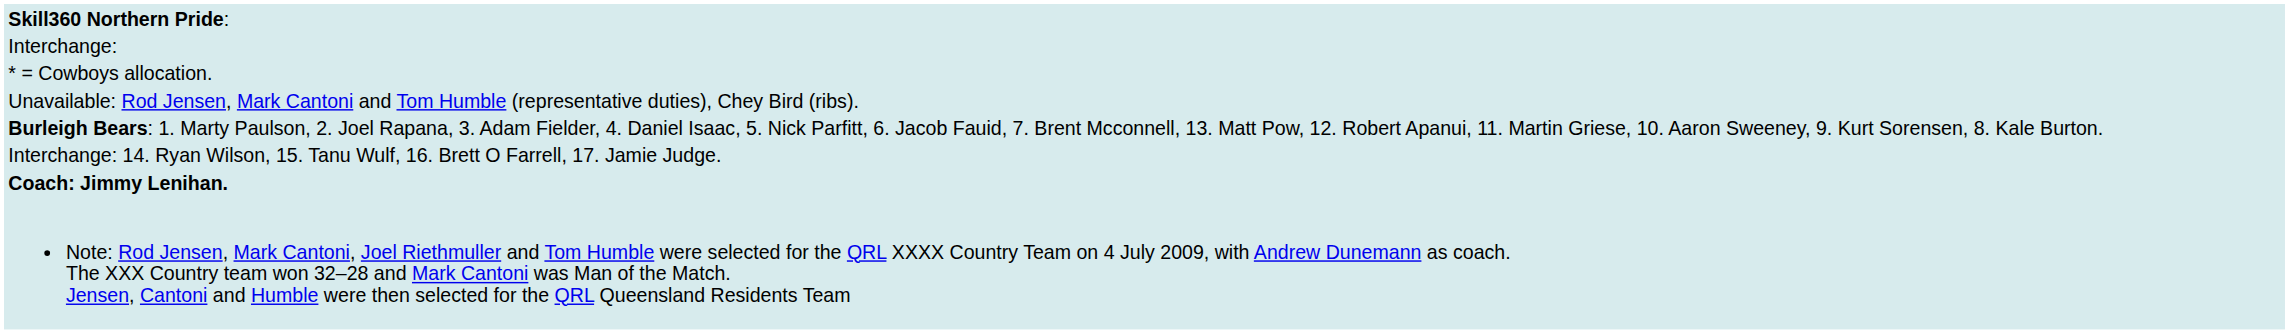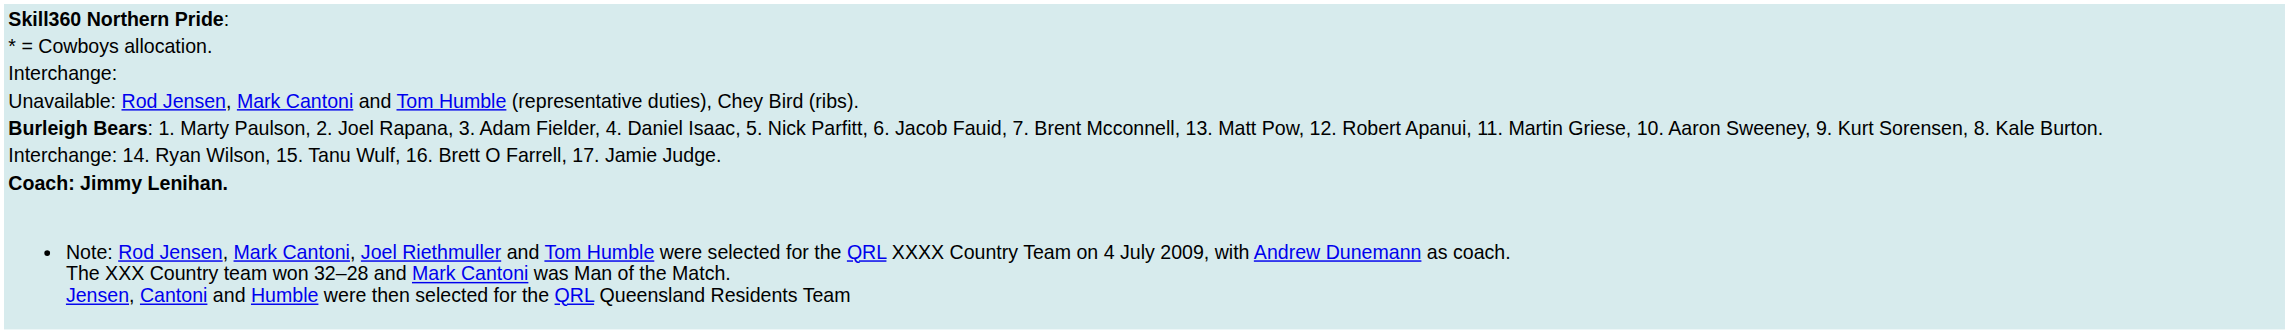 <table style="background:#d7ebed; font-size:85%; width:100%;">
 <tr>
 <td><strong>Skill360 Northern Pride</strong>:             </td>
 </tr>
 <tr>
-<td>Interchange:    </td>
+<td>* = Cowboys allocation.</td>
 </tr>
 <tr>
-<td>* = Cowboys allocation.</td>
+<td>Interchange:    </td>
 </tr>
 <tr>
 <td>Unavailable: <a href='#'>Rod Jensen</a>, <a href='#'>Mark Cantoni</a> and <a href='#'>Tom Humble</a> (representative duties), Chey Bird (ribs).</td>
 </tr>
 <tr>
 <td><strong>Burleigh Bears</strong>: 1. Marty Paulson, 2. Joel Rapana, 3. Adam Fielder, 4. Daniel Isaac, 5. Nick Parfitt, 6. Jacob Fauid, 7. Brent Mcconnell, 13. Matt Pow, 12. Robert Apanui, 11. Martin Griese, 10. Aaron Sweeney, 9. Kurt Sorensen, 8. Kale Burton.</td>
 </tr>
 <tr>
 <td>Interchange: 14. Ryan Wilson, 15. Tanu Wulf, 16. Brett O Farrell, 17. Jamie Judge.</td>
 </tr>
 <tr>
 <td><strong>Coach: Jimmy Lenihan.</strong></td>
 </tr>
 <tr>
 <td><br><ul><li>Note: <a href='#'>Rod Jensen</a>, <a href='#'>Mark Cantoni</a>, <a href='#'>Joel Riethmuller</a> and <a href='#'>Tom Humble</a> were selected for the <a href='#'>QRL</a> XXXX Country Team on 4 July 2009, with <a href='#'>Andrew Dunemann</a> as coach.<br>The XXX Country team won 32–28 and <a href='#'>Mark Cantoni</a> was Man of the Match.<br><a href='#'>Jensen</a>, <a href='#'>Cantoni</a> and <a href='#'>Humble</a> were then selected for the <a href='#'>QRL</a> Queensland Residents Team</li></ul></td>
 </tr>
 </table>
